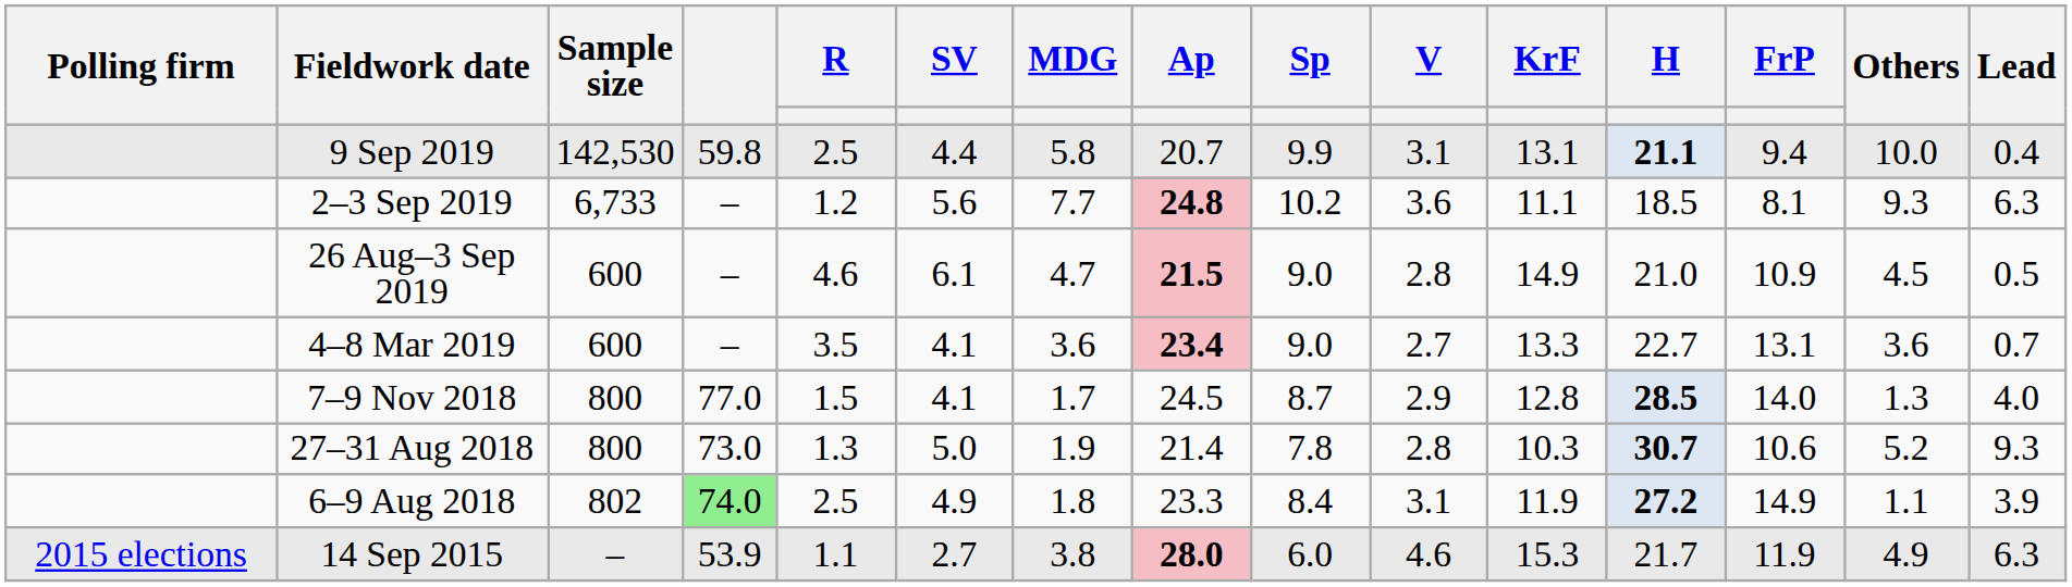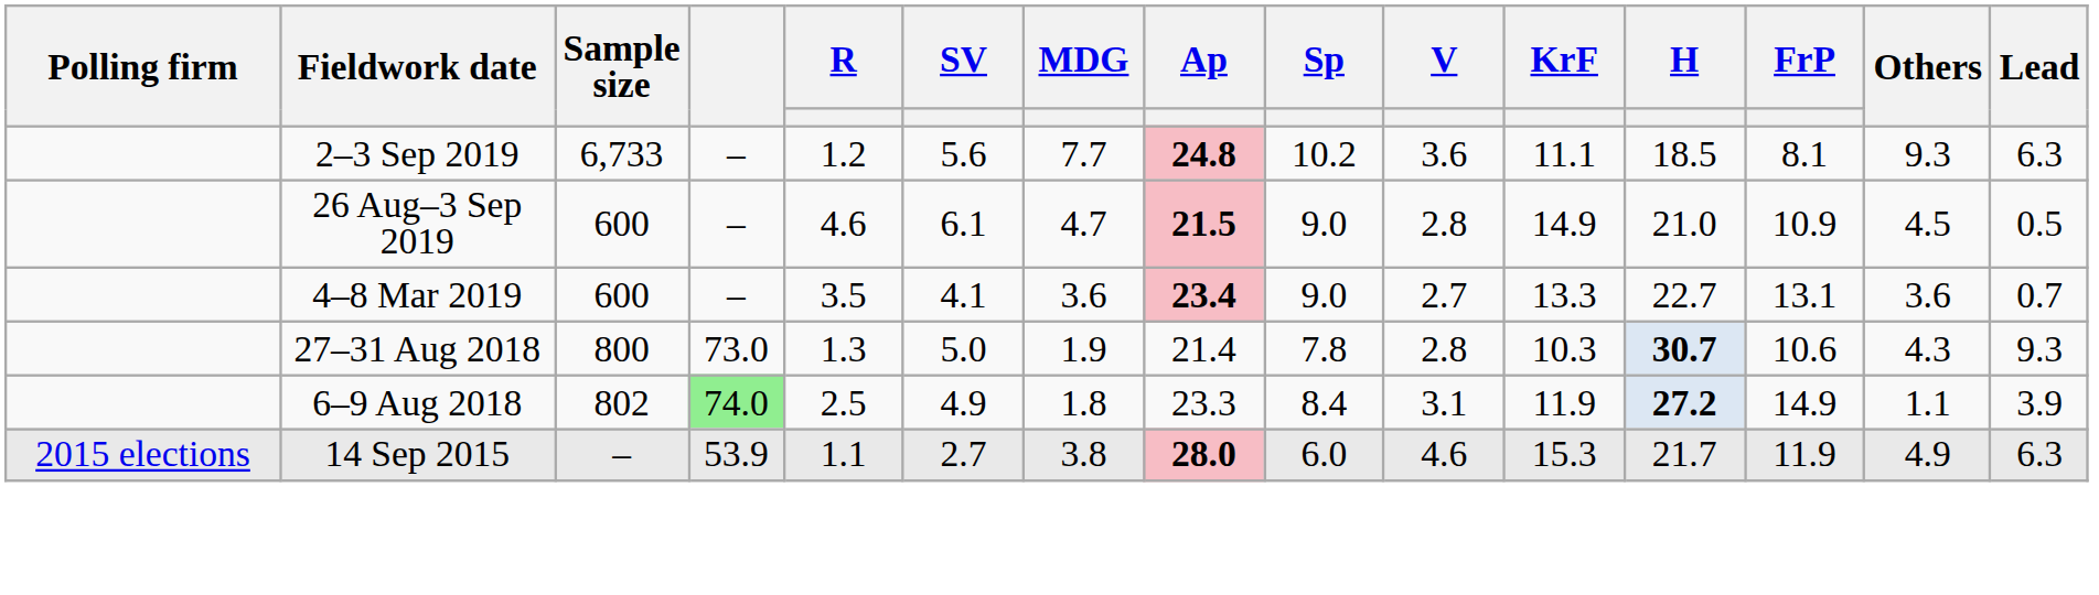 <table class="wikitable sortable" style="text-align:center;font-size:90%;line-height:14px;">
 <tr style="height:40px;">
 <th style="width:100px;" rowspan="2">Polling firm</th>
 <th style="width:100px;" rowspan="2">Fieldwork date</th>
 <th style="width:35px;" rowspan="2">Sample<br>size</th>
 <th style="width:30px;" rowspan="2"></th>
 <th class="unsortable" style="width:40px;"><a href='#'>R</a></th>
 <th class="unsortable" style="width:40px;"><a href='#'>SV</a></th>
 <th class="unsortable" style="width:40px;"><a href='#'>MDG</a></th>
 <th class="unsortable" style="width:40px;"><a href='#'>Ap</a></th>
 <th class="unsortable" style="width:40px;"><a href='#'>Sp</a></th>
 <th class="unsortable" style="width:40px;"><a href='#'>V</a></th>
 <th class="unsortable" style="width:40px;"><a href='#'>KrF</a></th>
 <th class="unsortable" style="width:40px;"><a href='#'>H</a></th>
 <th class="unsortable" style="width:40px;"><a href='#'>FrP</a></th>
 <th class="unsortable" style="width:30px;" rowspan="2">Others</th>
 <th style="width:30px;" rowspan="2">Lead</th>
 </tr>
 <tr>
 <th style="background:"></th>
 <th style="background:"></th>
 <th style="background:"></th>
 <th style="background:"></th>
 <th style="background:"></th>
 <th style="background:"></th>
 <th style="background:"></th>
 <th style="background:"></th>
 <th style="background:"></th>
-</tr>
-<tr style="background:#E9E9E9;">
-<td></td>
-<td data-sort-value="2019-09-09">9 Sep 2019</td>
-<td>142,530</td>
-<td>59.8</td>
-<td>2.5</td>
-<td>4.4</td>
-<td>5.8</td>
-<td>20.7</td>
-<td>9.9</td>
-<td>3.1</td>
-<td>13.1</td>
-<td style="background:#DCE7F3;"><strong>21.1</strong></td>
-<td>9.4</td>
-<td>10.0</td>
-<td style="background:">0.4</td>
 </tr>
 <tr>
 <td></td>
 <td data-sort-value="2019-09-06">2–3 Sep 2019</td>
 <td>6,733</td>
 <td>–</td>
 <td>1.2</td>
 <td>5.6</td>
 <td>7.7</td>
 <td style="background:#F7BDC5;"><strong>24.8</strong></td>
 <td>10.2</td>
 <td>3.6</td>
 <td>11.1</td>
 <td>18.5</td>
 <td>8.1</td>
 <td>9.3</td>
 <td style="background:">6.3</td>
 </tr>
 <tr>
 <td></td>
 <td data-sort-value="2019-09-06">26 Aug–3 Sep 2019</td>
 <td>600</td>
 <td>–</td>
 <td>4.6</td>
 <td>6.1</td>
 <td>4.7</td>
 <td style="background:#F7BDC5;"><strong>21.5</strong></td>
 <td>9.0</td>
 <td>2.8</td>
 <td>14.9</td>
 <td>21.0</td>
 <td>10.9</td>
 <td>4.5</td>
 <td style="background:">0.5</td>
 </tr>
 <tr>
 <td></td>
 <td data-sort-value="2019-03-08">4–8 Mar 2019</td>
 <td>600</td>
 <td>–</td>
 <td>3.5</td>
 <td>4.1</td>
 <td>3.6</td>
 <td style="background:#F7BDC5;"><strong>23.4</strong></td>
 <td>9.0</td>
 <td>2.7</td>
 <td>13.3</td>
 <td>22.7</td>
 <td>13.1</td>
 <td>3.6</td>
 <td style="background:">0.7</td>
 </tr>
 <tr>
 <td></td>
-<td data-sort-value="2018-11-09">7–9 Nov 2018</td>
-<td>800</td>
-<td>77.0</td>
-<td>1.5</td>
-<td>4.1</td>
-<td>1.7</td>
-<td>24.5</td>
-<td>8.7</td>
-<td>2.9</td>
-<td>12.8</td>
-<td style="background:#DCE7F3;"><strong>28.5</strong></td>
-<td>14.0</td>
-<td>1.3</td>
-<td style="background:">4.0</td>
-</tr>
-<tr>
-<td></td>
 <td data-sort-value="2018-08-31">27–31 Aug 2018</td>
 <td>800</td>
 <td>73.0</td>
 <td>1.3</td>
 <td>5.0</td>
 <td>1.9</td>
 <td>21.4</td>
 <td>7.8</td>
 <td>2.8</td>
 <td>10.3</td>
 <td style="background:#DCE7F3;"><strong>30.7</strong></td>
 <td>10.6</td>
-<td>5.2</td>
+<td>4.3</td>
 <td style="background:">9.3</td>
 </tr>
 <tr>
 <td></td>
 <td data-sort-value="2018-08-09">6–9 Aug 2018</td>
 <td>802</td>
 <td style="background: lightgreen;">74.0</td>
 <td>2.5</td>
 <td>4.9</td>
 <td>1.8</td>
 <td>23.3</td>
 <td>8.4</td>
 <td>3.1</td>
 <td>11.9</td>
 <td style="background:#DCE7F3;"><strong>27.2</strong></td>
 <td>14.9</td>
 <td>1.1</td>
 <td style="background:">3.9</td>
 </tr>
 <tr style="background:#E9E9E9;">
 <td><a href='#'>2015 elections</a></td>
 <td data-sort-value="2015-09-14">14 Sep 2015</td>
 <td>–</td>
 <td>53.9</td>
 <td>1.1</td>
 <td>2.7</td>
 <td>3.8</td>
 <td style="background:#F7BDC5;"><strong>28.0</strong></td>
 <td>6.0</td>
 <td>4.6</td>
 <td>15.3</td>
 <td>21.7</td>
 <td>11.9</td>
 <td>4.9</td>
 <td style="background:">6.3</td>
 </tr>
 </table>
